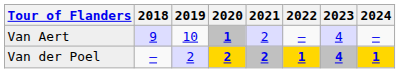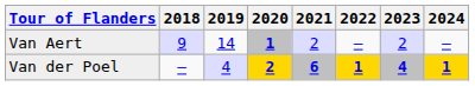 <table class="wikitable">
 <tr>
 <th><a href='#'>Tour of Flanders</a></th>
 <th scope="col">2018</th>
 <th scope="col">2019</th>
 <th scope="col">2020</th>
 <th scope="col">2021</th>
 <th scope="col">2022</th>
 <th scope="col">2023</th>
 <th scope="col">2024</th>
 </tr>
 <tr style="text-align:center;">
 <td style="text-align:left; background:#efefef;">Van Aert</td>
 <td style="background:#ddf;"><a href='#'>9</a></td>
-<td><a href='#'>10</a></td>
+<td><a href='#'>14</a></td>
 <td style="background:silver;"><a href='#'><strong>1</strong></a></td>
 <td style="background:#ddf;"><a href='#'>2</a></td>
 <td><a href='#'>—</a></td>
-<td style="background:#ddf;"><a href='#'>4</a></td>
+<td style="background:#ddf;"><a href='#'>2</a></td>
 <td><a href='#'>—</a></td>
 </tr>
 <tr style="text-align:center;">
 <td style="text-align:left; background:#efefef;">Van der Poel</td>
 <td><a href='#'>—</a></td>
-<td style="background:#ddf;"><a href='#'>2</a></td>
+<td style="background:#ddf;"><a href='#'>4</a></td>
 <td style="background:gold;"><a href='#'><strong>2</strong></a></td>
-<td style="background:silver;"><a href='#'><strong>2</strong></a></td>
+<td style="background:silver;"><a href='#'><strong>6</strong></a></td>
 <td style="background:gold;"><a href='#'><strong>1</strong></a></td>
 <td style="background:silver;"><a href='#'><strong>4</strong></a></td>
 <td style="background:gold;"><a href='#'><strong>1</strong></a></td>
 </tr>
 </table>
